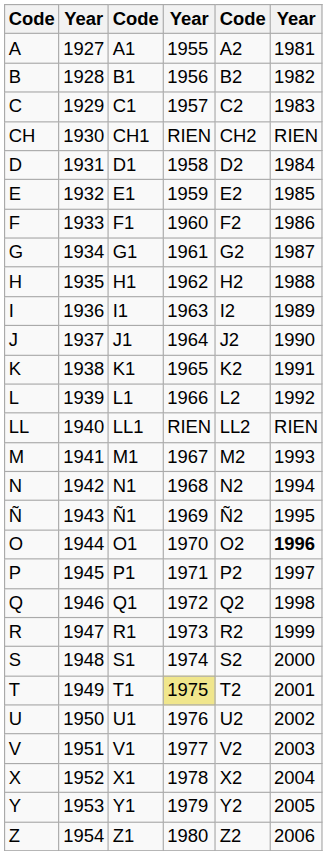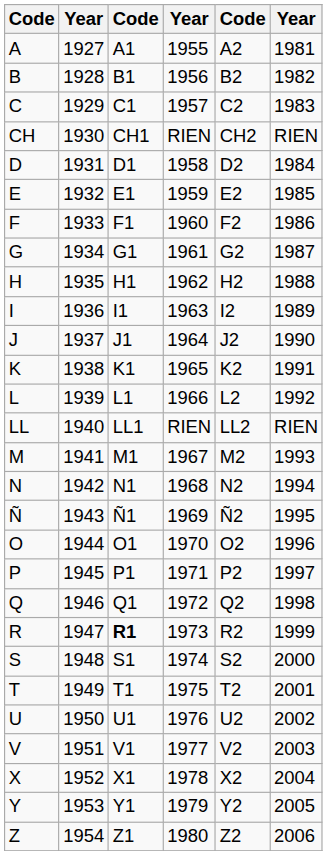 <table class="wikitable">
 <tr>
 <th>Code</th>
 <th>Year</th>
 <th>Code</th>
 <th>Year</th>
 <th>Code</th>
 <th>Year</th>
 </tr>
 <tr ---->
 <td>A</td>
 <td>1927</td>
 <td>A1</td>
 <td>1955</td>
 <td>A2</td>
 <td>1981</td>
 </tr>
 <tr>
 <td>B</td>
 <td>1928</td>
 <td>B1</td>
 <td>1956</td>
 <td>B2</td>
 <td>1982</td>
 </tr>
 <tr ---->
 <td>C</td>
 <td>1929</td>
 <td>C1</td>
 <td>1957</td>
 <td>C2</td>
 <td>1983</td>
 </tr>
 <tr>
 <td>CH</td>
 <td>1930</td>
 <td>CH1</td>
 <td>RIEN</td>
 <td>CH2</td>
 <td>RIEN</td>
 </tr>
 <tr ---->
 <td>D</td>
 <td>1931</td>
 <td>D1</td>
 <td>1958</td>
 <td>D2</td>
 <td>1984</td>
 </tr>
 <tr>
 <td>E</td>
 <td>1932</td>
 <td>E1</td>
 <td>1959</td>
 <td>E2</td>
 <td>1985</td>
 </tr>
 <tr ---->
 <td>F</td>
 <td>1933</td>
 <td>F1</td>
 <td>1960</td>
 <td>F2</td>
 <td>1986</td>
 </tr>
 <tr>
 <td>G</td>
 <td>1934</td>
 <td>G1</td>
 <td>1961</td>
 <td>G2</td>
 <td>1987</td>
 </tr>
 <tr ---->
 <td>H</td>
 <td>1935</td>
 <td>H1</td>
 <td>1962</td>
 <td>H2</td>
 <td>1988</td>
 </tr>
 <tr>
 <td>I</td>
 <td>1936</td>
 <td>I1</td>
 <td>1963</td>
 <td>I2</td>
 <td>1989</td>
 </tr>
 <tr ---->
 <td>J</td>
 <td>1937</td>
 <td>J1</td>
 <td>1964</td>
 <td>J2</td>
 <td>1990</td>
 </tr>
 <tr>
 <td>K</td>
 <td>1938</td>
 <td>K1</td>
 <td>1965</td>
 <td>K2</td>
 <td>1991</td>
 </tr>
 <tr ---->
 <td>L</td>
 <td>1939</td>
 <td>L1</td>
 <td>1966</td>
 <td>L2</td>
 <td>1992</td>
 </tr>
 <tr>
 <td>LL</td>
 <td>1940</td>
 <td>LL1</td>
 <td>RIEN</td>
 <td>LL2</td>
 <td>RIEN</td>
 </tr>
 <tr ---->
 <td>M</td>
 <td>1941</td>
 <td>M1</td>
 <td>1967</td>
 <td>M2</td>
 <td>1993</td>
 </tr>
 <tr>
 <td>N</td>
 <td>1942</td>
 <td>N1</td>
 <td>1968</td>
 <td>N2</td>
 <td>1994</td>
 </tr>
 <tr ---->
 <td>Ñ</td>
 <td>1943</td>
 <td>Ñ1</td>
 <td>1969</td>
 <td>Ñ2</td>
 <td>1995</td>
 </tr>
 <tr>
 <td>O</td>
 <td>1944</td>
 <td>O1</td>
 <td>1970</td>
 <td>O2</td>
-<td><strong>1996</strong></td>
+<td>1996</td>
 </tr>
 <tr ---->
 <td>P</td>
 <td>1945</td>
 <td>P1</td>
 <td>1971</td>
 <td>P2</td>
 <td>1997</td>
 </tr>
 <tr>
 <td>Q</td>
 <td>1946</td>
 <td>Q1</td>
 <td>1972</td>
 <td>Q2</td>
 <td>1998</td>
 </tr>
 <tr ---->
 <td>R</td>
 <td>1947</td>
-<td>R1</td>
+<td><strong>R1</strong></td>
 <td>1973</td>
 <td>R2</td>
 <td>1999</td>
 </tr>
 <tr>
 <td>S</td>
 <td>1948</td>
 <td>S1</td>
 <td>1974</td>
 <td>S2</td>
 <td>2000</td>
 </tr>
 <tr ---->
 <td>T</td>
 <td>1949</td>
 <td>T1</td>
-<td style="background: khaki;">1975</td>
+<td>1975</td>
 <td>T2</td>
 <td>2001</td>
 </tr>
 <tr>
 <td>U</td>
 <td>1950</td>
 <td>U1</td>
 <td>1976</td>
 <td>U2</td>
 <td>2002</td>
 </tr>
 <tr ---->
 <td>V</td>
 <td>1951</td>
 <td>V1</td>
 <td>1977</td>
 <td>V2</td>
 <td>2003</td>
 </tr>
 <tr>
 <td>X</td>
 <td>1952</td>
 <td>X1</td>
 <td>1978</td>
 <td>X2</td>
 <td>2004</td>
 </tr>
 <tr ---->
 <td>Y</td>
 <td>1953</td>
 <td>Y1</td>
 <td>1979</td>
 <td>Y2</td>
 <td>2005</td>
 </tr>
 <tr>
 <td>Z</td>
 <td>1954</td>
 <td>Z1</td>
 <td>1980</td>
 <td>Z2</td>
 <td>2006</td>
 </tr>
 <tr ---->
 </tr>
 </table>
